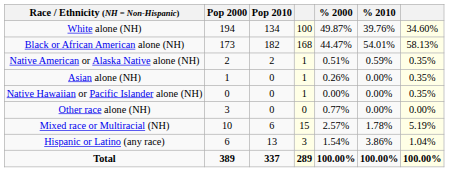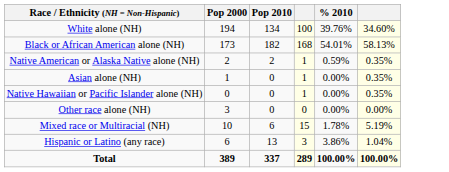 <table class="wikitable" style="text-align:center;">
 <tr>
 <th>Race / Ethnicity <small>(<em>NH = Non-Hispanic</em>)</small></th>
 <th>Pop 2000</th>
 <th>Pop 2010</th>
 <th></th>
-<th>% 2000</th>
 <th>% 2010</th>
 <th></th>
 </tr>
 <tr>
 <td><a href='#'>White</a> alone (NH)</td>
 <td>194</td>
 <td>134</td>
 <td style='background: #ffffe6;'>100</td>
-<td>49.87%</td>
 <td>39.76%</td>
 <td style='background: #ffffe6;'>34.60%</td>
 </tr>
 <tr>
 <td><a href='#'>Black or African American</a> alone (NH)</td>
 <td>173</td>
 <td>182</td>
 <td style='background: #ffffe6;'>168</td>
-<td>44.47%</td>
 <td>54.01%</td>
 <td style='background: #ffffe6;'>58.13%</td>
 </tr>
 <tr>
 <td><a href='#'>Native American</a> or <a href='#'>Alaska Native</a> alone (NH)</td>
 <td>2</td>
 <td>2</td>
 <td style='background: #ffffe6;'>1</td>
-<td>0.51%</td>
 <td>0.59%</td>
 <td style='background: #ffffe6;'>0.35%</td>
 </tr>
 <tr>
 <td><a href='#'>Asian</a> alone (NH)</td>
 <td>1</td>
 <td>0</td>
 <td style='background: #ffffe6;'>1</td>
-<td>0.26%</td>
 <td>0.00%</td>
 <td style='background: #ffffe6;'>0.35%</td>
 </tr>
 <tr>
 <td><a href='#'>Native Hawaiian</a> or <a href='#'>Pacific Islander</a> alone (NH)</td>
 <td>0</td>
 <td>0</td>
 <td style='background: #ffffe6;'>1</td>
 <td>0.00%</td>
-<td>0.00%</td>
 <td style='background: #ffffe6;'>0.35%</td>
 </tr>
 <tr>
 <td><a href='#'>Other race</a> alone (NH)</td>
 <td>3</td>
 <td>0</td>
 <td style='background: #ffffe6;'>0</td>
-<td>0.77%</td>
 <td>0.00%</td>
 <td style='background: #ffffe6;'>0.00%</td>
 </tr>
 <tr>
 <td><a href='#'>Mixed race or Multiracial</a> (NH)</td>
 <td>10</td>
 <td>6</td>
 <td style='background: #ffffe6;'>15</td>
-<td>2.57%</td>
 <td>1.78%</td>
 <td style='background: #ffffe6;'>5.19%</td>
 </tr>
 <tr>
 <td><a href='#'>Hispanic or Latino</a> (any race)</td>
 <td>6</td>
 <td>13</td>
 <td style='background: #ffffe6;'>3</td>
-<td>1.54%</td>
 <td>3.86%</td>
 <td style='background: #ffffe6;'>1.04%</td>
 </tr>
 <tr>
 <td><strong>Total</strong></td>
 <td><strong>389</strong></td>
 <td><strong>337</strong></td>
 <td style='background: #ffffe6;'><strong>289</strong></td>
 <td><strong>100.00%</strong></td>
-<td><strong>100.00%</strong></td>
 <td style='background: #ffffe6;'><strong>100.00%</strong></td>
 </tr>
 </table>
